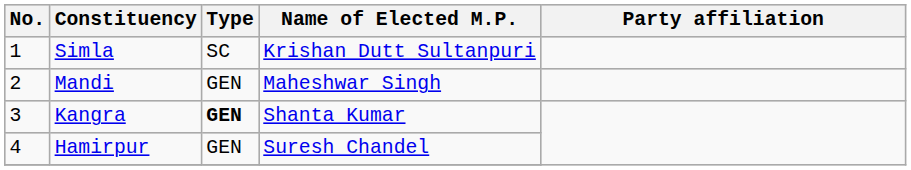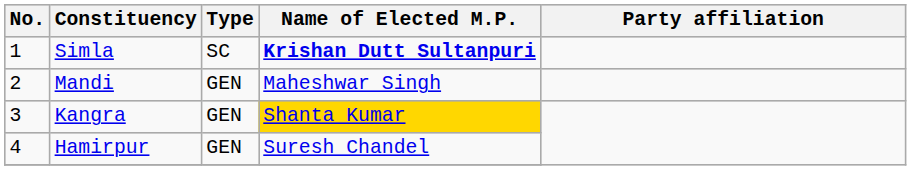 <table class="wikitable" style="font-size:95%;">
 <tr>
 <th>No.</th>
 <th>Constituency</th>
 <th>Type</th>
 <th>Name of Elected M.P.</th>
 <th colspan="2" style="width:18em">Party affiliation</th>
 </tr>
 <tr>
 <td>1</td>
 <td><a href='#'>Simla</a></td>
 <td>SC</td>
-<td><a href='#'>Krishan Dutt Sultanpuri</a></td>
+<td><strong><a href='#'>Krishan Dutt Sultanpuri</a></strong></td>
 <td></td>
 </tr>
 <tr>
 <td>2</td>
 <td><a href='#'>Mandi</a></td>
 <td>GEN</td>
 <td><a href='#'>Maheshwar Singh</a></td>
 <td></td>
 </tr>
 <tr>
 <td>3</td>
 <td><a href='#'>Kangra</a></td>
-<td><strong>GEN</strong></td>
-<td><a href='#'>Shanta Kumar</a></td>
+<td>GEN</td>
+<td style="background: gold;"><a href='#'>Shanta Kumar</a></td>
 </tr>
 <tr>
 <td>4</td>
 <td><a href='#'>Hamirpur</a></td>
 <td>GEN</td>
 <td><a href='#'>Suresh Chandel</a></td>
 </tr>
 <tr>
 </tr>
 </table>
